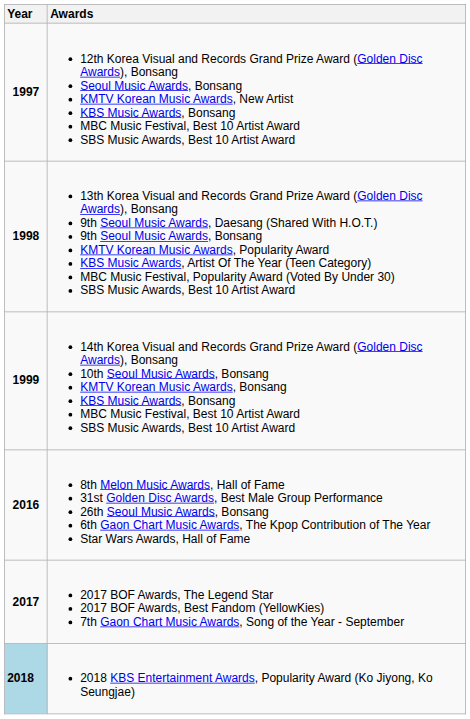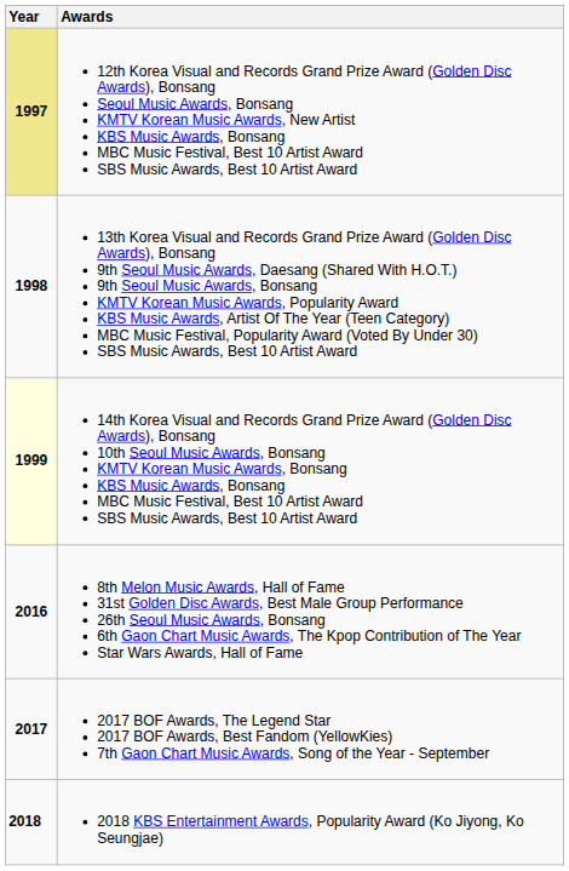 <table class="wikitable">
 <tr>
 <th style="text-align:left; width:50px;">Year</th>
 <th style="text-align:left; width:550px;">Awards</th>
 </tr>
 <tr>
-<td style="text-align:center;"><strong>1997</strong></td>
+<td style="background: khaki; text-align:center;"><strong>1997</strong></td>
 <td align="left"><br><ul><li>12th Korea Visual and Records Grand Prize Award (<a href='#'>Golden Disc Awards</a>), Bonsang</li><li><a href='#'>Seoul Music Awards</a>, Bonsang</li><li><a href='#'>KMTV Korean Music Awards</a>, New Artist</li><li><a href='#'>KBS Music Awards</a>, Bonsang</li><li>MBC Music Festival, Best 10 Artist Award</li><li>SBS Music Awards, Best 10 Artist Award</li></ul></td>
 </tr>
 <tr>
 <td style="text-align:center;"><strong>1998</strong></td>
 <td align="left"><br><ul><li>13th Korea Visual and Records Grand Prize Award (<a href='#'>Golden Disc Awards</a>), Bonsang</li><li>9th <a href='#'>Seoul Music Awards</a>, Daesang (Shared With H.O.T.)</li><li>9th <a href='#'>Seoul Music Awards</a>, Bonsang</li><li><a href='#'>KMTV Korean Music Awards</a>, Popularity Award</li><li><a href='#'>KBS Music Awards</a>, Artist Of The Year (Teen Category)</li><li>MBC Music Festival, Popularity Award (Voted By Under 30)</li><li>SBS Music Awards, Best 10 Artist Award</li></ul></td>
 </tr>
 <tr>
-<td style="text-align:center;"><strong>1999</strong></td>
+<td style="background: lightyellow; text-align:center;"><strong>1999</strong></td>
 <td align="left"><br><ul><li>14th Korea Visual and Records Grand Prize Award (<a href='#'>Golden Disc Awards</a>), Bonsang</li><li>10th <a href='#'>Seoul Music Awards</a>, Bonsang</li><li><a href='#'>KMTV Korean Music Awards</a>, Bonsang</li><li><a href='#'>KBS Music Awards</a>, Bonsang</li><li>MBC Music Festival, Best 10 Artist Award</li><li>SBS Music Awards, Best 10 Artist Award</li></ul></td>
 </tr>
 <tr>
 <td style="text-align:center;"><strong>2016</strong></td>
 <td align="left"><br><ul><li>8th <a href='#'>Melon Music Awards</a>, Hall of Fame</li><li>31st <a href='#'>Golden Disc Awards</a>, Best Male Group Performance</li><li>26th <a href='#'>Seoul Music Awards</a>, Bonsang</li><li>6th <a href='#'>Gaon Chart Music Awards</a>, The Kpop Contribution of The Year</li><li>Star Wars Awards, Hall of Fame</li></ul></td>
 </tr>
 <tr>
 <td style="text-align:center;"><strong>2017</strong></td>
 <td align="left"><br><ul><li>2017 BOF Awards, The Legend Star</li><li>2017 BOF Awards, Best Fandom (YellowKies)</li><li>7th <a href='#'>Gaon Chart Music Awards</a>, Song of the Year - September</li></ul></td>
 </tr>
 <tr>
-<td style="background: lightblue;"><strong>2018</strong></td>
+<td><strong>2018</strong></td>
 <td><br><ul><li>2018 <a href='#'>KBS Entertainment Awards</a>, Popularity Award (Ko Jiyong, Ko Seungjae)</li></ul></td>
 </tr>
 </table>
